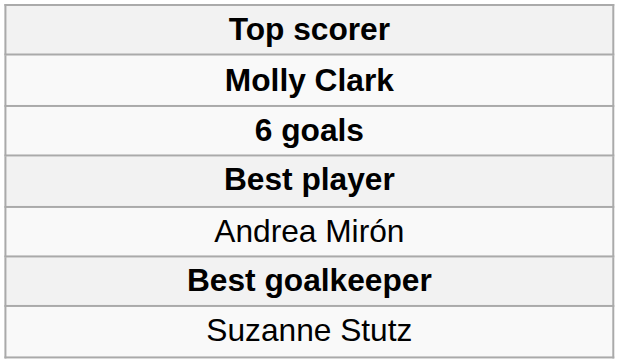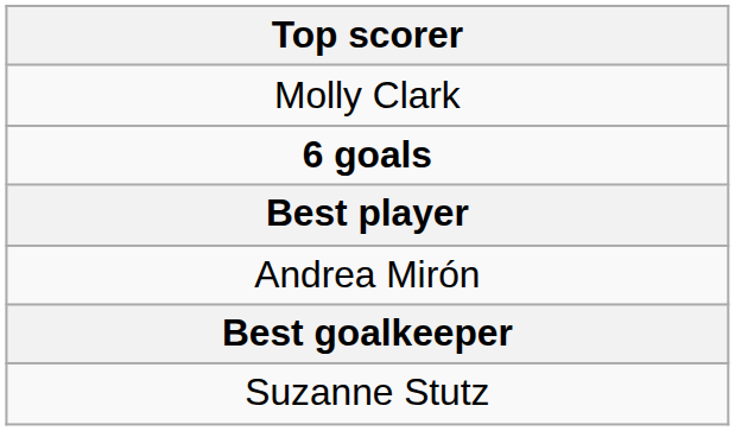 <table class="wikitable" style="margin: 1em auto 1em auto;">
 <tr>
 <th width=300>Top scorer</th>
 </tr>
 <tr align=center style="background:">
-<td style="text-align:center;"><strong> Molly Clark</strong></td>
+<td style="text-align:center;"> Molly Clark</td>
 </tr>
 <tr>
 <td style="text-align:center;"><strong>6 goals</strong></td>
 </tr>
 <tr>
 <th>Best player</th>
 </tr>
 <tr>
 <td style="text-align:center;"> Andrea Mirón</td>
 </tr>
 <tr>
 <th>Best goalkeeper</th>
 </tr>
 <tr>
 <td style="text-align:center;"> Suzanne Stutz</td>
 </tr>
 </table>
